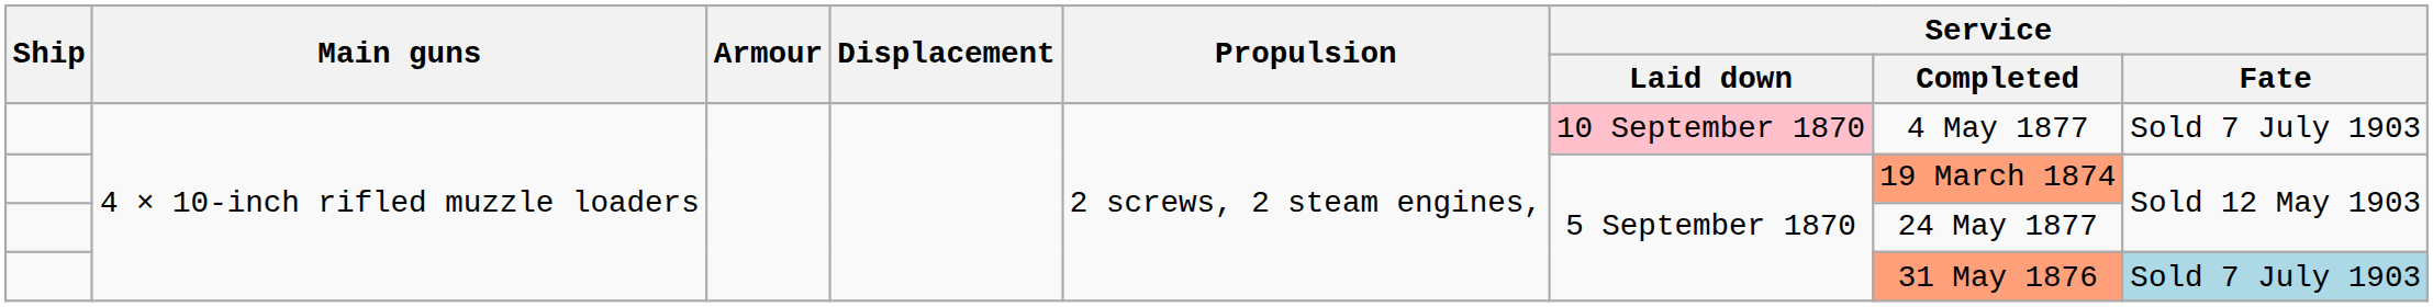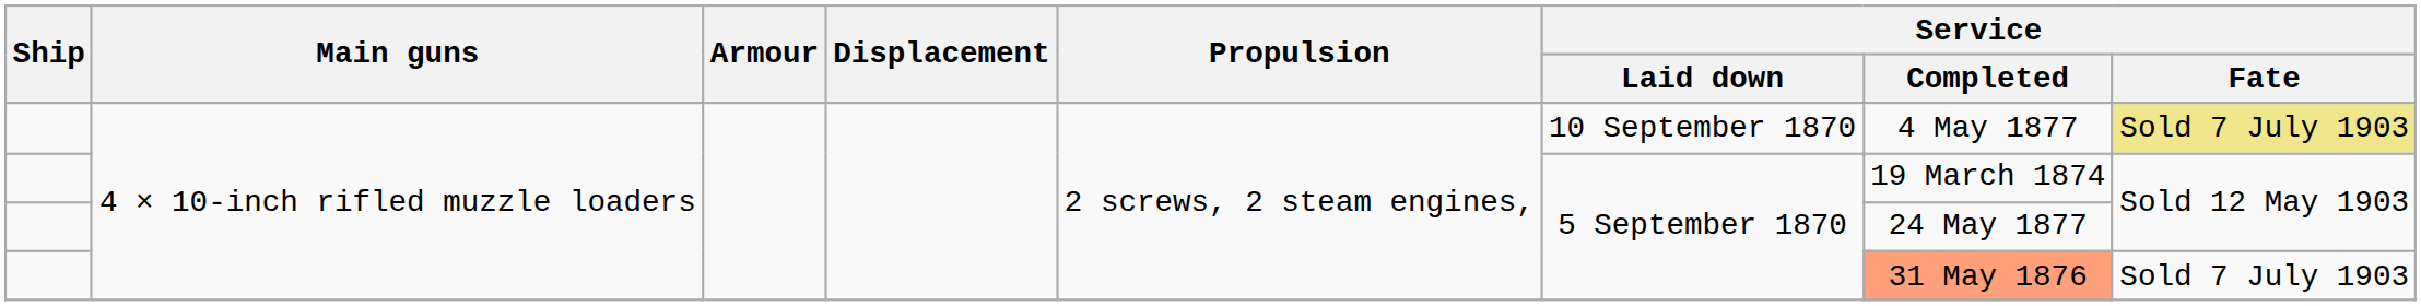 <table class="wikitable">
 <tr valign="center">
 <th align= center rowspan=2>Ship</th>
 <th align= center rowspan=2>Main guns</th>
 <th align= center rowspan=2>Armour</th>
 <th align= center rowspan=2>Displacement</th>
 <th align= center rowspan=2>Propulsion</th>
 <th align= center colspan=3>Service</th>
 </tr>
 <tr valign="top">
 <th align= center>Laid down</th>
 <th align= center>Completed</th>
 <th align= center>Fate</th>
 </tr>
 <tr valign="center">
 <td align= left></td>
 <td align= center rowspan=4>4 × 10-inch rifled muzzle loaders</td>
 <td align= center rowspan=4></td>
 <td align= center rowspan=4></td>
 <td align= left rowspan=4>2 screws, 2 steam engines, </td>
-<td align=center style="background: pink;">10 September 1870</td>
+<td align=center>10 September 1870</td>
 <td align=center>4 May 1877</td>
-<td align=center>Sold 7 July 1903</td>
+<td align=center style="background: khaki;">Sold 7 July 1903</td>
 </tr>
 <tr valign="center">
 <td></td>
 <td align=center rowspan=3>5 September 1870</td>
-<td align=center style="background: lightsalmon;">19 March 1874</td>
+<td align=center>19 March 1874</td>
 <td align=center rowspan=2>Sold 12 May 1903</td>
 </tr>
 <tr valign="top">
 <td></td>
 <td align=center>24 May 1877</td>
 </tr>
 <tr valign="top">
 <td></td>
 <td align=center style="background: lightsalmon;">31 May 1876</td>
-<td align=center style="background: lightblue;">Sold 7 July 1903</td>
+<td align=center>Sold 7 July 1903</td>
 </tr>
 </table>
